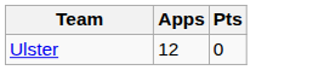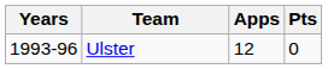 <table class="wikitable" style="text-align:left;">
 <tr>
+<th>Years</th>
 <th width=120px>Team</th>
 <th>Apps</th>
 <th>Pts</th>
 </tr>
 <tr>
+<td>1993-96</td>
 <td><a href='#'>Ulster</a></td>
 <td>12</td>
 <td>0</td>
 </tr>
 </table>
